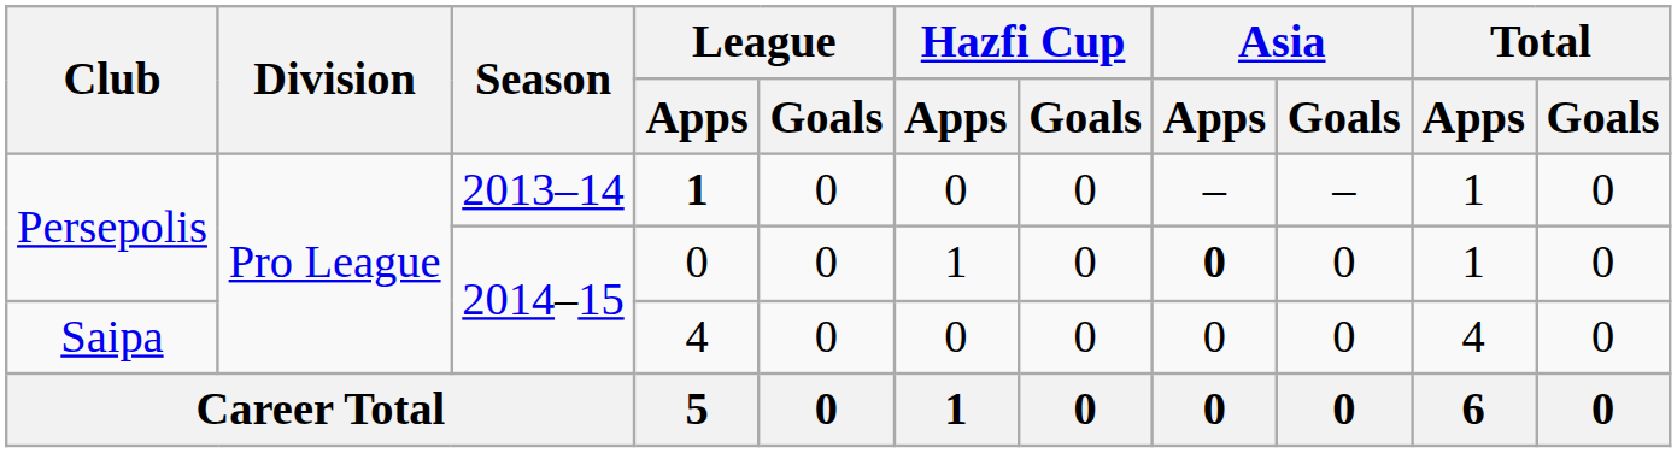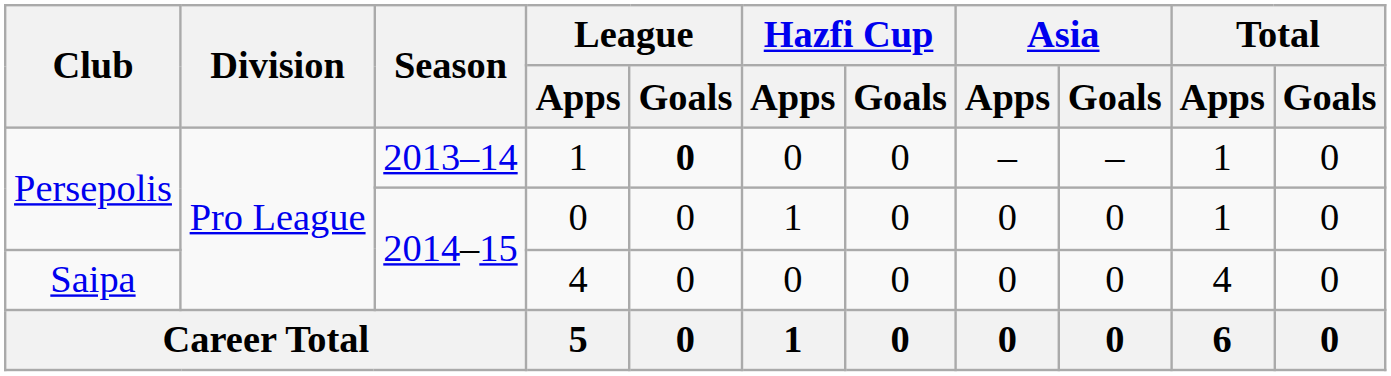 <table class="wikitable" style="text-align: center;">
 <tr>
 <th rowspan="2">Club</th>
 <th rowspan="2">Division</th>
 <th rowspan="2">Season</th>
 <th colspan="2">League</th>
 <th colspan="2"><a href='#'>Hazfi Cup</a></th>
 <th colspan="2"><a href='#'>Asia</a></th>
 <th colspan="2">Total</th>
 </tr>
 <tr>
 <th>Apps</th>
 <th>Goals</th>
 <th>Apps</th>
 <th>Goals</th>
 <th>Apps</th>
 <th>Goals</th>
 <th>Apps</th>
 <th>Goals</th>
 </tr>
 <tr>
 <td rowspan="2"><a href='#'>Persepolis</a></td>
 <td rowspan="3"><a href='#'>Pro League</a></td>
 <td><a href='#'>2013–14</a></td>
-<td><strong>1</strong></td>
-<td>0</td>
+<td>1</td>
+<td><strong>0</strong></td>
 <td>0</td>
 <td>0</td>
 <td>–</td>
 <td>–</td>
 <td>1</td>
 <td>0</td>
 </tr>
 <tr>
 <td rowspan="2"><a href='#'>2014</a>–<a href='#'>15</a></td>
 <td>0</td>
 <td>0</td>
 <td>1</td>
 <td>0</td>
-<td><strong>0</strong></td>
+<td>0</td>
 <td>0</td>
 <td>1</td>
 <td>0</td>
 </tr>
 <tr>
 <td><a href='#'>Saipa</a></td>
 <td>4</td>
 <td>0</td>
 <td>0</td>
 <td>0</td>
 <td>0</td>
 <td>0</td>
 <td>4</td>
 <td>0</td>
 </tr>
 <tr>
 <th colspan=3>Career Total</th>
 <th>5</th>
 <th>0</th>
 <th>1</th>
 <th>0</th>
 <th>0</th>
 <th>0</th>
 <th>6</th>
 <th>0</th>
 </tr>
 </table>
